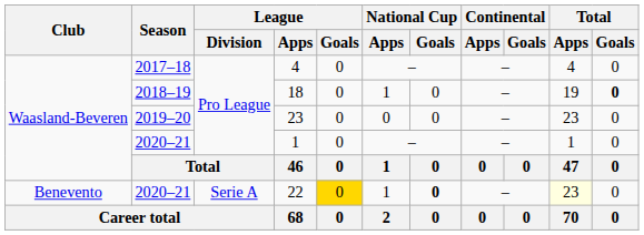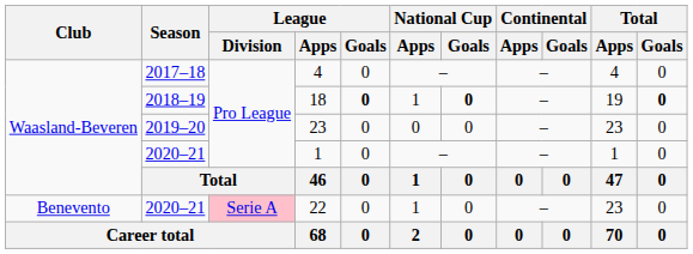 <table class="wikitable" style="text-align:center">
 <tr>
 <th rowspan="2">Club</th>
 <th rowspan="2">Season</th>
 <th colspan="3">League</th>
 <th colspan="2">National Cup</th>
 <th colspan="2">Continental</th>
 <th colspan="2">Total</th>
 </tr>
 <tr>
 <th>Division</th>
 <th>Apps</th>
 <th>Goals</th>
 <th>Apps</th>
 <th>Goals</th>
 <th>Apps</th>
 <th>Goals</th>
 <th>Apps</th>
 <th>Goals</th>
 </tr>
 <tr>
 <td rowspan="5"><a href='#'>Waasland-Beveren</a></td>
 <td><a href='#'>2017–18</a></td>
 <td rowspan="4"><a href='#'>Pro League</a></td>
 <td>4</td>
 <td>0</td>
 <td colspan="2">–</td>
 <td colspan="2">–</td>
 <td>4</td>
 <td>0</td>
 </tr>
 <tr>
 <td><a href='#'>2018–19</a></td>
 <td>18</td>
-<td>0</td>
+<td><strong>0</strong></td>
 <td>1</td>
-<td>0</td>
+<td><strong>0</strong></td>
 <td colspan="2">–</td>
 <td>19</td>
 <td><strong>0</strong></td>
 </tr>
 <tr>
 <td><a href='#'>2019–20</a></td>
 <td>23</td>
 <td>0</td>
 <td>0</td>
 <td>0</td>
 <td colspan="2">–</td>
 <td>23</td>
 <td>0</td>
 </tr>
 <tr>
 <td><a href='#'>2020–21</a></td>
 <td>1</td>
 <td>0</td>
 <td colspan="2">–</td>
 <td colspan="2">–</td>
 <td>1</td>
 <td>0</td>
 </tr>
 <tr>
 <th colspan="2">Total</th>
 <th>46</th>
 <th>0</th>
 <th>1</th>
 <th>0</th>
 <th>0</th>
 <th>0</th>
 <th>47</th>
 <th>0</th>
 </tr>
 <tr>
 <td><a href='#'>Benevento</a></td>
 <td><a href='#'>2020–21</a></td>
-<td><a href='#'>Serie A</a></td>
+<td style="background: pink;"><a href='#'>Serie A</a></td>
 <td>22</td>
-<td style="background: gold;">0</td>
+<td>0</td>
 <td>1</td>
-<td><strong>0</strong></td>
+<td>0</td>
 <td colspan="2">–</td>
-<td style="background: lightyellow;">23</td>
+<td>23</td>
 <td>0</td>
 </tr>
 <tr>
 <th colspan="3">Career total</th>
 <th>68</th>
 <th>0</th>
 <th>2</th>
 <th>0</th>
 <th>0</th>
 <th>0</th>
 <th>70</th>
 <th>0</th>
 </tr>
 </table>
